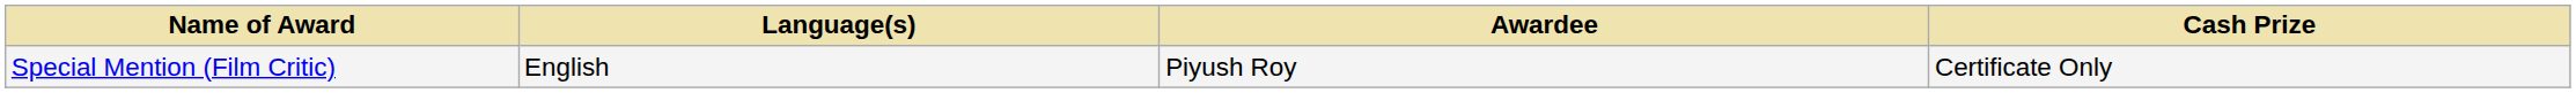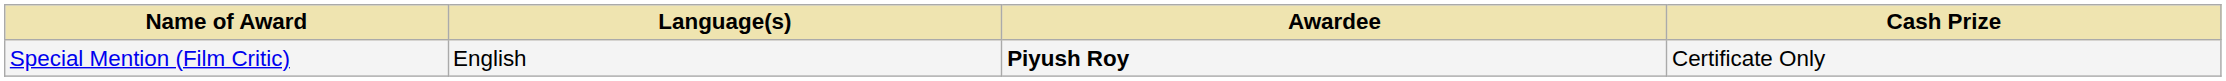 <table class="wikitable plainrowheaders" style="width:100%;background-color:#F4F4F4;">
 <tr style="background-color:#F4F4F4">
 <th scope="col" style="background-color:#EFE4B0;width:20%;">Name of Award</th>
 <th scope="col" style="background-color:#EFE4B0;width:25%;">Language(s)</th>
 <th scope="col" style="background-color:#EFE4B0;width:30%;">Awardee</th>
 <th scope="col" style="background-color:#EFE4B0;width:25%;">Cash Prize</th>
 </tr>
 <tr style="background-color:#F4F4F4">
 <td rowspan="2"><a href='#'>Special Mention (Film Critic)</a></td>
 <td>English</td>
-<td>Piyush Roy</td>
+<td><strong>Piyush Roy</strong></td>
 <td>Certificate Only</td>
 </tr>
 </table>
